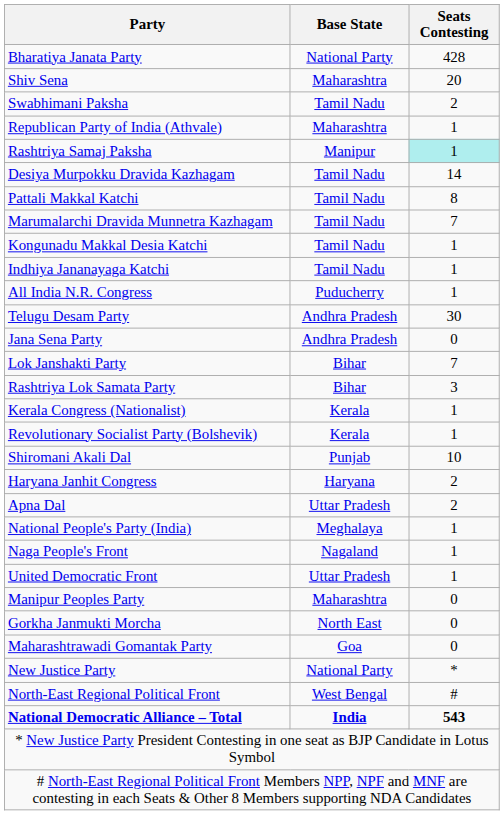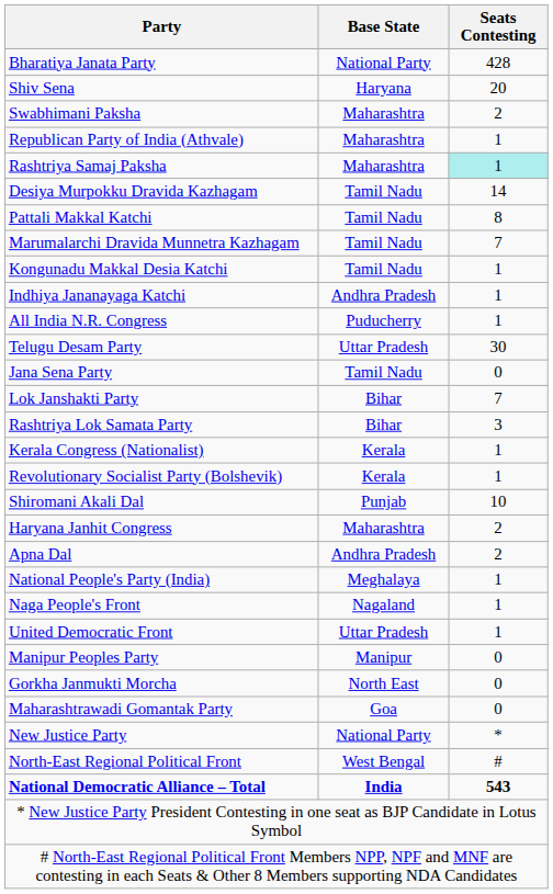 <table class="wikitable collapsible collapsed">
 <tr>
 <th scope="col" style="width:300px;">Party</th>
 <th scope="col" style="width:120px;">Base State</th>
 <th scope="col" style="width:90px;">Seats Contesting</th>
 </tr>
 <tr>
 <td><a href='#'>Bharatiya Janata Party</a></td>
 <td style="text-align: center;"><a href='#'>National Party</a></td>
 <td style="text-align: center;">428</td>
 </tr>
 <tr>
 <td><a href='#'>Shiv Sena</a></td>
-<td style="text-align: center;"><a href='#'>Maharashtra</a></td>
+<td style="text-align: center;"><a href='#'>Haryana</a></td>
 <td style="text-align: center;">20</td>
 </tr>
 <tr>
 <td><a href='#'>Swabhimani Paksha</a></td>
-<td style="text-align: center;"><a href='#'>Tamil Nadu</a></td>
+<td style="text-align: center;"><a href='#'>Maharashtra</a></td>
 <td style="text-align: center;">2</td>
 </tr>
 <tr>
 <td><a href='#'>Republican Party of India (Athvale)</a></td>
 <td style="text-align:center;"><a href='#'>Maharashtra</a></td>
 <td style="text-align: center;">1</td>
 </tr>
 <tr>
 <td><a href='#'>Rashtriya Samaj Paksha</a></td>
-<td style="text-align: center;"><a href='#'>Manipur</a></td>
+<td style="text-align: center;"><a href='#'>Maharashtra</a></td>
 <td style="background: paleturquoise; text-align: center;">1</td>
 </tr>
 <tr>
 <td><a href='#'>Desiya Murpokku Dravida Kazhagam</a></td>
 <td style="text-align: center;"><a href='#'>Tamil Nadu</a></td>
 <td style="text-align: center;">14</td>
 </tr>
 <tr>
 <td><a href='#'>Pattali Makkal Katchi</a></td>
 <td style="text-align: center;"><a href='#'>Tamil Nadu</a></td>
 <td style="text-align: center;">8</td>
 </tr>
 <tr>
 <td><a href='#'>Marumalarchi Dravida Munnetra Kazhagam</a></td>
 <td style="text-align: center;"><a href='#'>Tamil Nadu</a></td>
 <td style="text-align: center;">7</td>
 </tr>
 <tr>
 <td><a href='#'>Kongunadu Makkal Desia Katchi</a></td>
 <td style="text-align: center;"><a href='#'>Tamil Nadu</a></td>
 <td style="text-align: center;">1</td>
 </tr>
 <tr>
 <td><a href='#'>Indhiya Jananayaga Katchi</a></td>
-<td style="text-align: center;"><a href='#'>Tamil Nadu</a></td>
+<td style="text-align: center;"><a href='#'>Andhra Pradesh</a></td>
 <td style="text-align: center;">1</td>
 </tr>
 <tr>
 <td><a href='#'>All India N.R. Congress</a></td>
 <td style="text-align: center;"><a href='#'>Puducherry</a></td>
 <td style="text-align: center;">1</td>
 </tr>
 <tr>
 <td><a href='#'>Telugu Desam Party</a></td>
-<td style="text-align: center;"><a href='#'>Andhra Pradesh</a></td>
+<td style="text-align: center;"><a href='#'>Uttar Pradesh</a></td>
 <td style="text-align: center;">30</td>
 </tr>
 <tr>
 <td><a href='#'>Jana Sena Party</a></td>
-<td style="text-align: center;"><a href='#'>Andhra Pradesh</a></td>
+<td style="text-align: center;"><a href='#'>Tamil Nadu</a></td>
 <td style="text-align: center;">0</td>
 </tr>
 <tr>
 <td><a href='#'>Lok Janshakti Party</a></td>
 <td style="text-align: center;"><a href='#'>Bihar</a></td>
 <td style="text-align: center;">7</td>
 </tr>
 <tr>
 <td><a href='#'>Rashtriya Lok Samata Party</a></td>
 <td style="text-align: center;"><a href='#'>Bihar</a></td>
 <td style="text-align: center;">3</td>
 </tr>
 <tr>
 <td><a href='#'>Kerala Congress (Nationalist)</a></td>
 <td style="text-align: center;"><a href='#'>Kerala</a></td>
 <td style="text-align: center;">1</td>
 </tr>
 <tr>
 <td><a href='#'>Revolutionary Socialist Party (Bolshevik)</a></td>
 <td style="text-align: center;"><a href='#'>Kerala</a></td>
 <td style="text-align: center;">1</td>
 </tr>
 <tr>
 <td><a href='#'>Shiromani Akali Dal</a></td>
 <td style="text-align: center;"><a href='#'>Punjab</a></td>
 <td style="text-align: center;">10</td>
 </tr>
 <tr>
 <td><a href='#'>Haryana Janhit Congress</a></td>
-<td style="text-align: center;"><a href='#'>Haryana</a></td>
+<td style="text-align: center;"><a href='#'>Maharashtra</a></td>
 <td style="text-align: center;">2</td>
 </tr>
 <tr>
 <td><a href='#'>Apna Dal</a></td>
-<td style="text-align: center;"><a href='#'>Uttar Pradesh</a></td>
+<td style="text-align: center;"><a href='#'>Andhra Pradesh</a></td>
 <td style="text-align: center;">2</td>
 </tr>
 <tr>
 <td><a href='#'>National People's Party (India)</a></td>
 <td style="text-align: center;"><a href='#'>Meghalaya</a></td>
 <td style="text-align: center;">1</td>
 </tr>
 <tr>
 <td><a href='#'>Naga People's Front</a></td>
 <td style="text-align: center;"><a href='#'>Nagaland</a></td>
 <td style="text-align: center;">1</td>
 </tr>
 <tr>
 <td><a href='#'>United Democratic Front</a></td>
 <td style="text-align: center;"><a href='#'>Uttar Pradesh</a></td>
 <td style="text-align: center;">1</td>
 </tr>
 <tr>
 <td><a href='#'>Manipur Peoples Party</a></td>
-<td style="text-align: center;"><a href='#'>Maharashtra</a></td>
+<td style="text-align: center;"><a href='#'>Manipur</a></td>
 <td style="text-align: center;">0</td>
 </tr>
 <tr>
 <td><a href='#'>Gorkha Janmukti Morcha</a></td>
 <td style="text-align: center;"><a href='#'>North East</a></td>
 <td style="text-align: center;">0</td>
 </tr>
 <tr>
 <td><a href='#'>Maharashtrawadi Gomantak Party</a></td>
 <td style="text-align: center;"><a href='#'>Goa</a></td>
 <td style="text-align: center;">0</td>
 </tr>
 <tr>
 <td><a href='#'>New Justice Party</a></td>
 <td style="text-align: center;"><a href='#'>National Party</a></td>
 <td style="text-align: center;">*</td>
 </tr>
 <tr>
 <td><a href='#'>North-East Regional Political Front</a></td>
 <td style="text-align: center;"><a href='#'>West Bengal</a></td>
 <td style="text-align: center;">#</td>
 </tr>
 <tr>
 <td><strong><a href='#'>National Democratic Alliance – Total</a></strong></td>
 <td style="text-align: center;"><strong><a href='#'>India</a></strong></td>
 <td style="text-align: center;"><strong>543</strong></td>
 </tr>
 <tr>
 <td colspan="6" style="text-align:center; vertical-align:middle;">* <a href='#'>New Justice Party</a> President Contesting in one seat as BJP Candidate in Lotus Symbol</td>
 </tr>
 <tr>
 <td colspan="6" style="text-align:center; vertical-align:middle;"># <a href='#'>North-East Regional Political Front</a> Members <a href='#'>NPP</a>, <a href='#'>NPF</a> and <a href='#'>MNF</a> are contesting in each Seats & Other 8 Members supporting NDA Candidates</td>
 </tr>
 </table>
